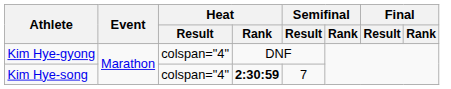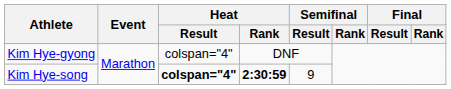 <table class="wikitable" style="font-size:90%">
 <tr>
 <th rowspan="2">Athlete</th>
 <th rowspan="2">Event</th>
 <th colspan="2">Heat</th>
 <th colspan="2">Semifinal</th>
 <th colspan="2">Final</th>
 </tr>
 <tr style="font-size:95%">
 <th>Result</th>
 <th>Rank</th>
 <th>Result</th>
 <th>Rank</th>
 <th>Result</th>
 <th>Rank</th>
 </tr>
 <tr style=text-align:center>
 <td style=text-align:left><a href='#'>Kim Hye-gyong</a></td>
 <td style=text-align:left rowspan=2><a href='#'>Marathon</a></td>
 <td>colspan="4" </td>
 <td colspan="2"><abbr>DNF</abbr></td>
 </tr>
 <tr style=text-align:center>
 <td style=text-align:left><a href='#'>Kim Hye-song</a></td>
-<td>colspan="4" </td>
+<td><strong>colspan="4" </strong></td>
 <td><strong>2:30:59</strong></td>
-<td>7</td>
+<td>9</td>
 </tr>
 </table>
